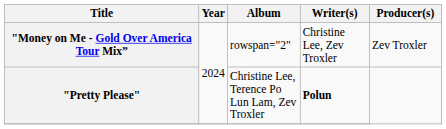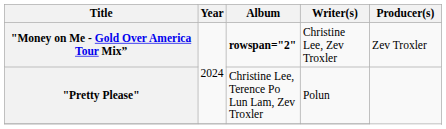 <table class="wikitable plainrowheaders" style="text-align:left;">
 <tr>
 <th scope="col"  style="width:20em;">Title</th>
 <th scope="col"  style="width:2em;">Year</th>
 <th scope="col"  style="width:6em;">Album</th>
 <th scope="col"  style="width:6em;">Writer(s)</th>
 <th scope="col"  style="width:6em;">Producer(s)</th>
 </tr>
 <tr>
 <th scope="row">"Money on Me - <a href='#'>Gold Over America Tour</a> Mix”</th>
 <td rowspan="2">2024</td>
-<td>rowspan="2"</td>
+<td><strong>rowspan="2"</strong></td>
 <td>Christine Lee, Zev Troxler</td>
 <td>Zev Troxler</td>
 </tr>
 <tr>
 <th scope="row">"Pretty Please"</th>
 <td>Christine Lee, Terence Po Lun Lam, Zev Troxler</td>
-<td><strong>Polun</strong></td>
+<td>Polun</td>
 </tr>
 <tr>
 </tr>
 </table>
